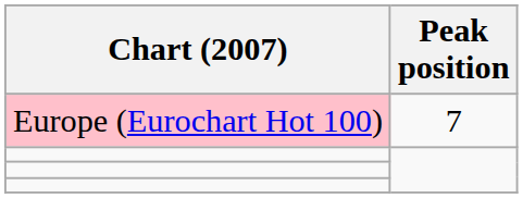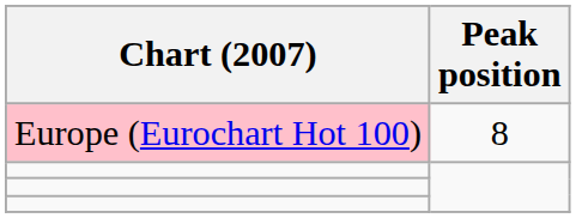 <table class="wikitable sortable">
 <tr>
 <th>Chart (2007)</th>
 <th>Peak<br>position</th>
 </tr>
 <tr>
 <td style="background: pink;">Europe (<a href='#'>Eurochart Hot 100</a>)</td>
-<td align="center">7</td>
+<td align="center">8</td>
 </tr>
 <tr>
 <td></td>
 </tr>
 <tr>
 <td></td>
 </tr>
 <tr>
 <td></td>
 </tr>
 </table>
